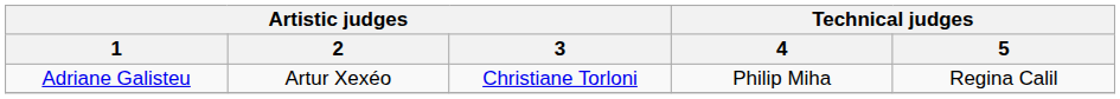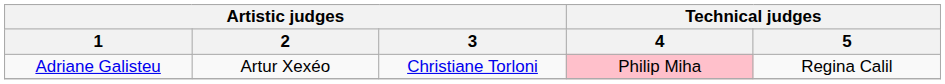 <table class="wikitable" style="font-size:100%; line-height:16px; text-align:center" width="100%">
 <tr>
 <th colspan=3>Artistic judges</th>
 <th colspan=2>Technical judges</th>
 </tr>
 <tr>
 <th width="20.0%">1</th>
 <th width="20.0%">2</th>
 <th width="20.0%">3</th>
 <th width="20.0%">4</th>
 <th width="20.0%">5</th>
 </tr>
 <tr>
 <td><a href='#'>Adriane Galisteu</a></td>
 <td>Artur Xexéo</td>
 <td><a href='#'>Christiane Torloni</a></td>
-<td>Philip Miha</td>
+<td style="background: pink;">Philip Miha</td>
 <td>Regina Calil</td>
 </tr>
 <tr>
 </tr>
 </table>
